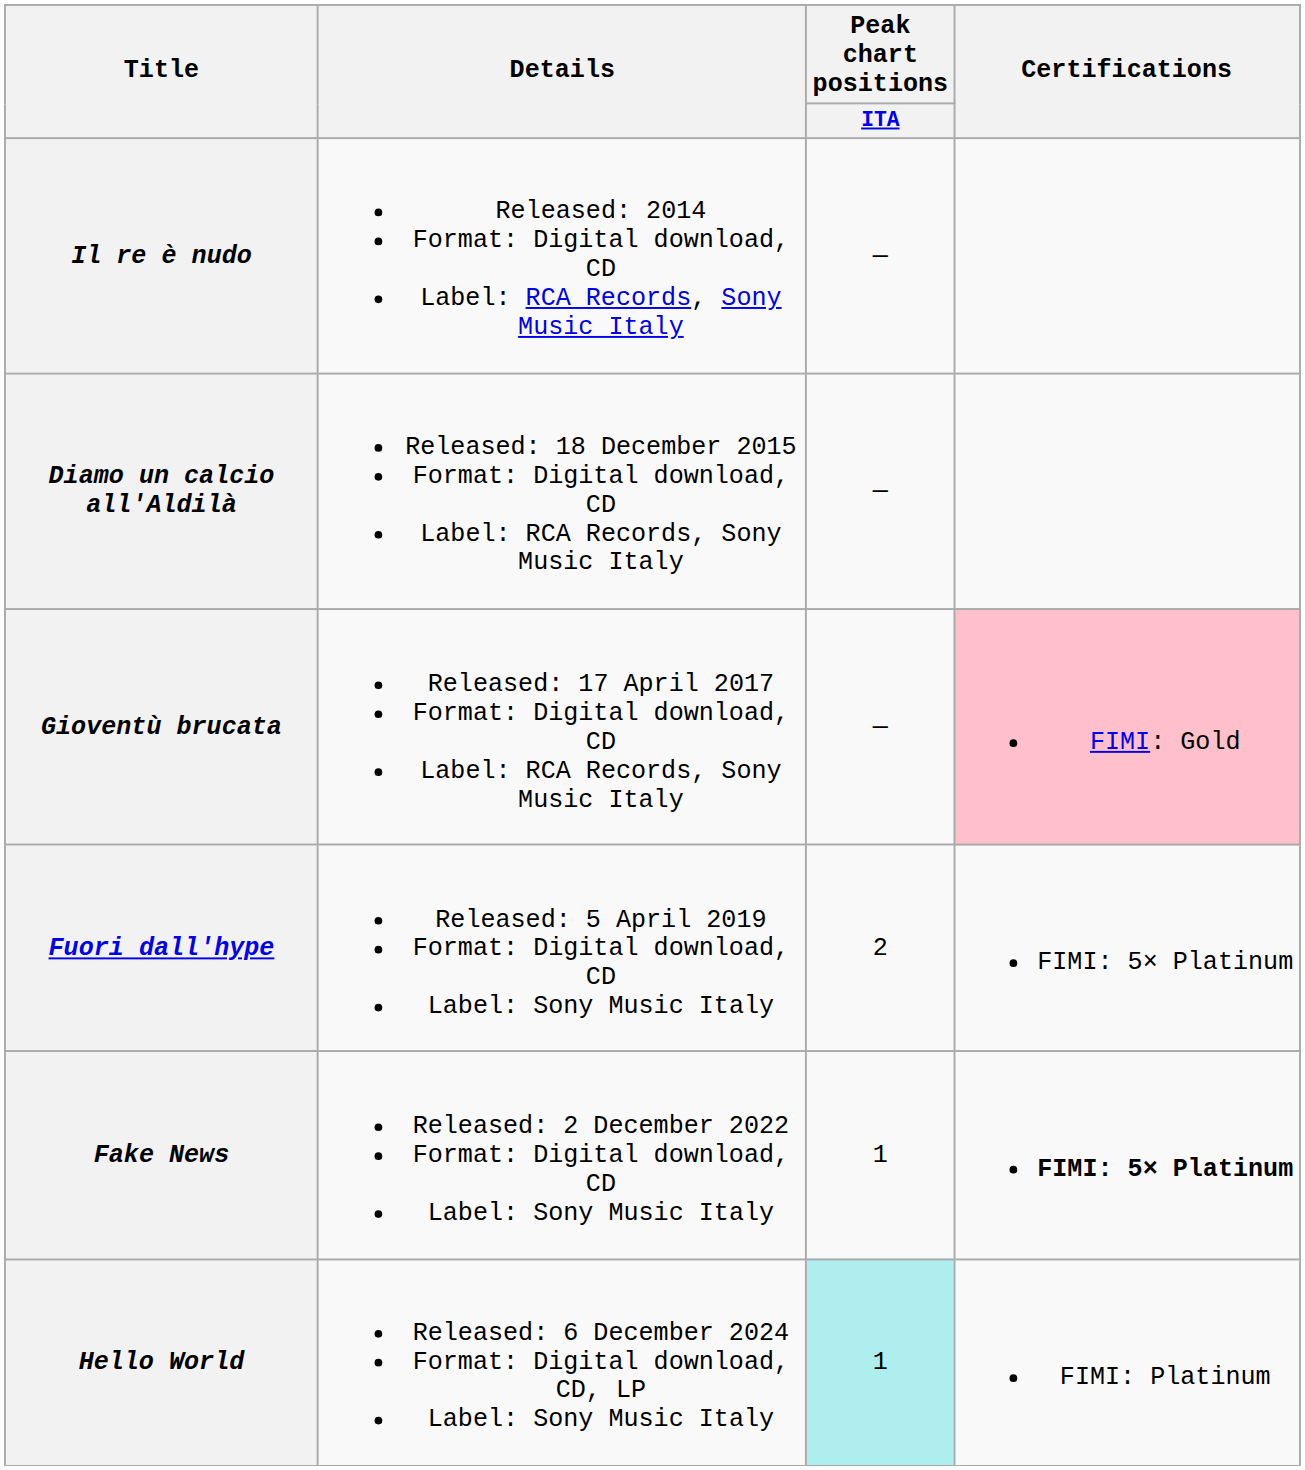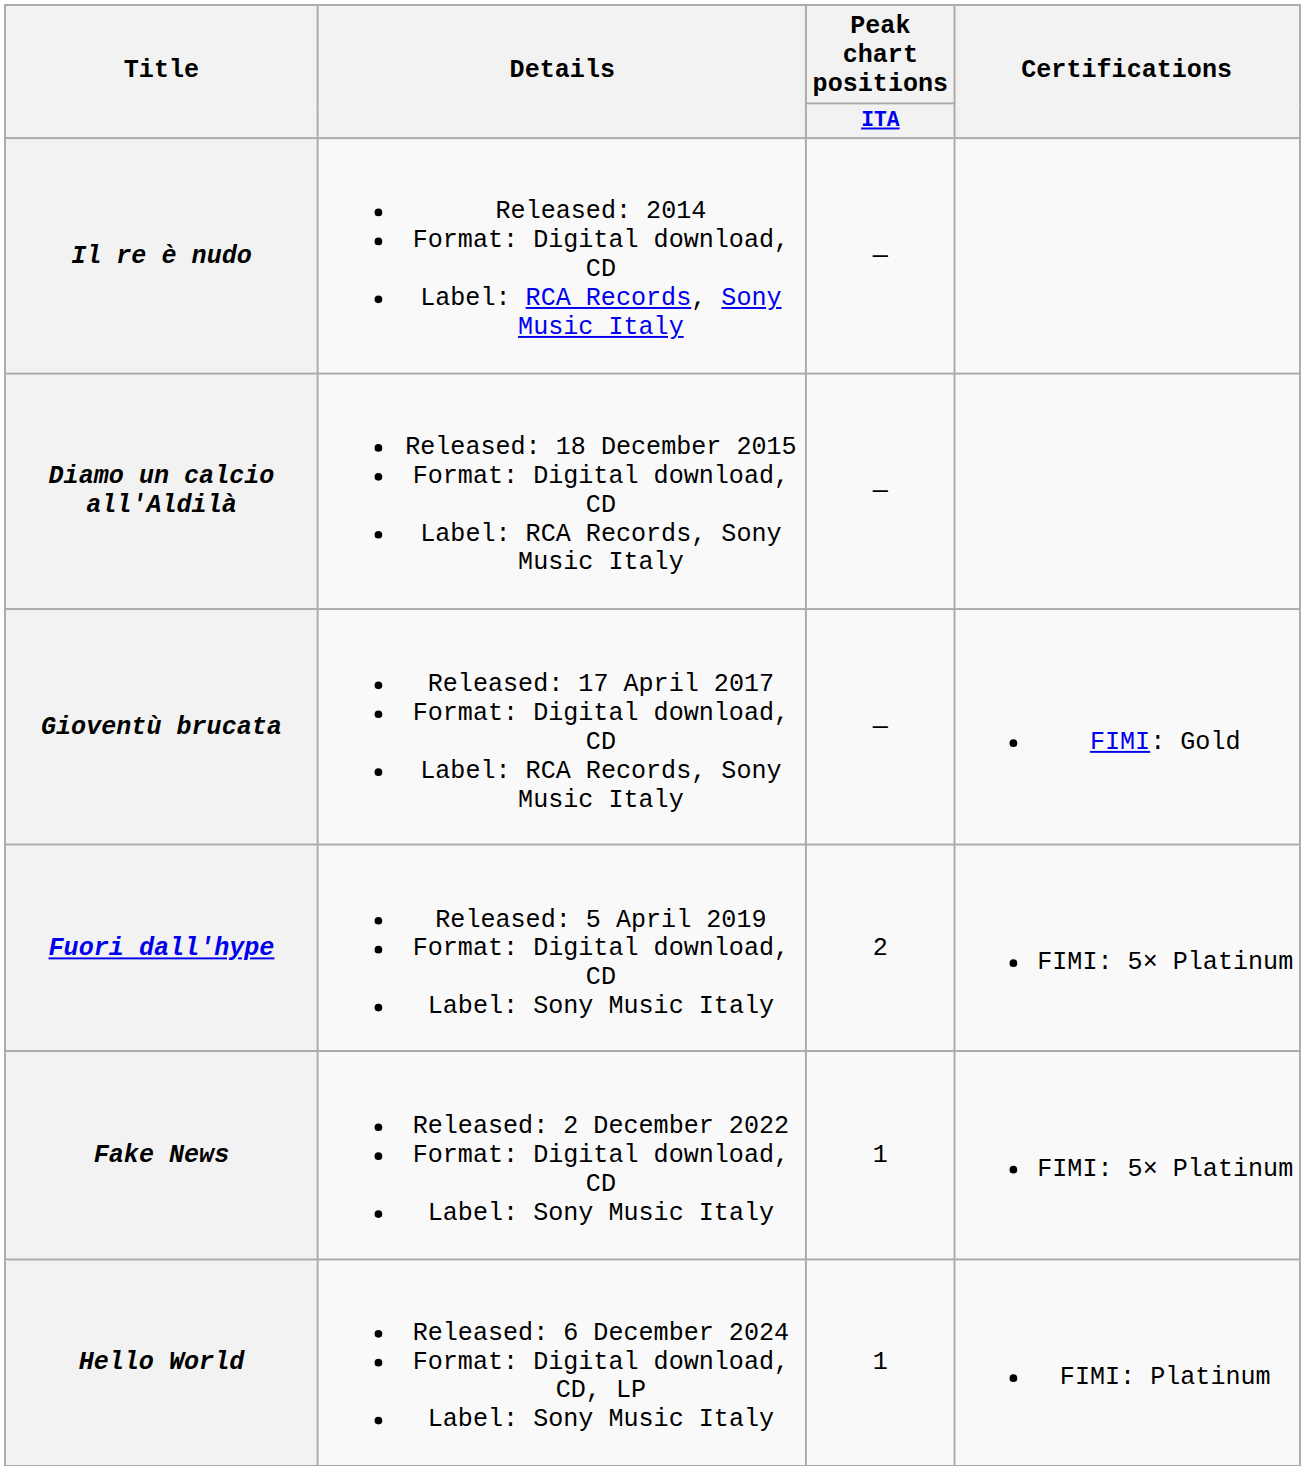 <table class="wikitable plainrowheaders" style="text-align:center;">
 <tr>
 <th scope="col" rowspan="2" style="width:12em;">Title</th>
 <th scope="col" rowspan="2" style="width:19em;">Details</th>
 <th scope="col" colspan="1">Peak chart positions</th>
 <th scope="col" rowspan="2">Certifications</th>
 </tr>
 <tr>
 <th scope="col" style="width:3em;font-size:85%;"><a href='#'>ITA</a><br></th>
 </tr>
 <tr>
 <th scope="row"><em>Il re è nudo</em></th>
 <td><br><ul><li>Released: 2014</li><li>Format: Digital download, CD</li><li>Label: <a href='#'>RCA Records</a>, <a href='#'>Sony Music Italy</a></li></ul></td>
 <td>—</td>
 <td></td>
 </tr>
 <tr>
 <th scope="row"><em>Diamo un calcio all'Aldilà</em></th>
 <td><br><ul><li>Released: 18 December 2015</li><li>Format: Digital download, CD</li><li>Label: RCA Records, Sony Music Italy</li></ul></td>
 <td>—</td>
 <td></td>
 </tr>
 <tr>
 <th scope="row"><em>Gioventù brucata</em></th>
 <td><br><ul><li>Released: 17 April 2017</li><li>Format: Digital download, CD</li><li>Label: RCA Records, Sony Music Italy</li></ul></td>
 <td>—</td>
-<td style="background: pink;"><br><ul><li><a href='#'>FIMI</a>: Gold</li></ul></td>
+<td><br><ul><li><a href='#'>FIMI</a>: Gold</li></ul></td>
 </tr>
 <tr>
 <th scope="row"><em><a href='#'>Fuori dall'hype</a></em></th>
 <td><br><ul><li>Released: 5 April 2019</li><li>Format: Digital download, CD</li><li>Label: Sony Music Italy</li></ul></td>
 <td>2</td>
 <td><br><ul><li>FIMI: 5× Platinum</li></ul></td>
 </tr>
 <tr>
 <th scope="row"><em>Fake News</em></th>
 <td><br><ul><li>Released: 2 December 2022</li><li>Format: Digital download, CD</li><li>Label: Sony Music Italy</li></ul></td>
 <td>1</td>
-<td><strong><br><ul><li>FIMI: 5× Platinum</li></ul></strong></td>
+<td><br><ul><li>FIMI: 5× Platinum</li></ul></td>
 </tr>
 <tr>
 <th scope="row"><em>Hello World</em></th>
 <td><br><ul><li>Released: 6 December 2024</li><li>Format: Digital download, CD, LP</li><li>Label: Sony Music Italy</li></ul></td>
-<td style="background: paleturquoise;">1</td>
+<td>1</td>
 <td><br><ul><li>FIMI: Platinum</li></ul></td>
 </tr>
 </table>
